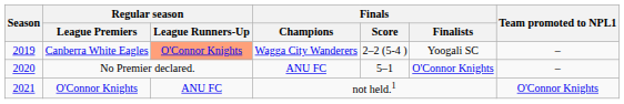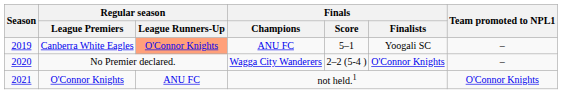 <table class="wikitable" style="text-align:center; font-size:95%">
 <tr>
 <th rowspan=2>Season</th>
 <th colspan=2>Regular season</th>
 <th colspan=3>Finals</th>
 <th rowspan=2>Team promoted to NPL1</th>
 </tr>
 <tr>
 <th>League Premiers</th>
 <th>League Runners-Up</th>
 <th>Champions</th>
 <th>Score</th>
 <th>Finalists</th>
 </tr>
 <tr>
 <td><a href='#'>2019</a></td>
 <td><a href='#'>Canberra White Eagles</a></td>
 <td style="background: lightsalmon;"><a href='#'>O'Connor Knights</a></td>
-<td><a href='#'>Wagga City Wanderers</a></td>
-<td>2–2 (5-4 )</td>
+<td><a href='#'>ANU FC</a></td>
+<td>5–1</td>
 <td>Yoogali SC</td>
 <td>–</td>
 </tr>
 <tr>
 <td><a href='#'>2020</a></td>
 <td colspan=2>No Premier declared.</td>
-<td><a href='#'>ANU FC</a></td>
-<td>5–1</td>
+<td><a href='#'>Wagga City Wanderers</a></td>
+<td>2–2 (5-4 )</td>
 <td><a href='#'>O'Connor Knights</a></td>
 <td>–</td>
 </tr>
 <tr>
 <td><a href='#'>2021</a></td>
 <td><a href='#'>O'Connor Knights</a></td>
 <td><a href='#'>ANU FC</a></td>
 <td colspan="3">not held.<sup>1</sup></td>
 <td><a href='#'>O'Connor Knights</a></td>
 </tr>
 </table>
